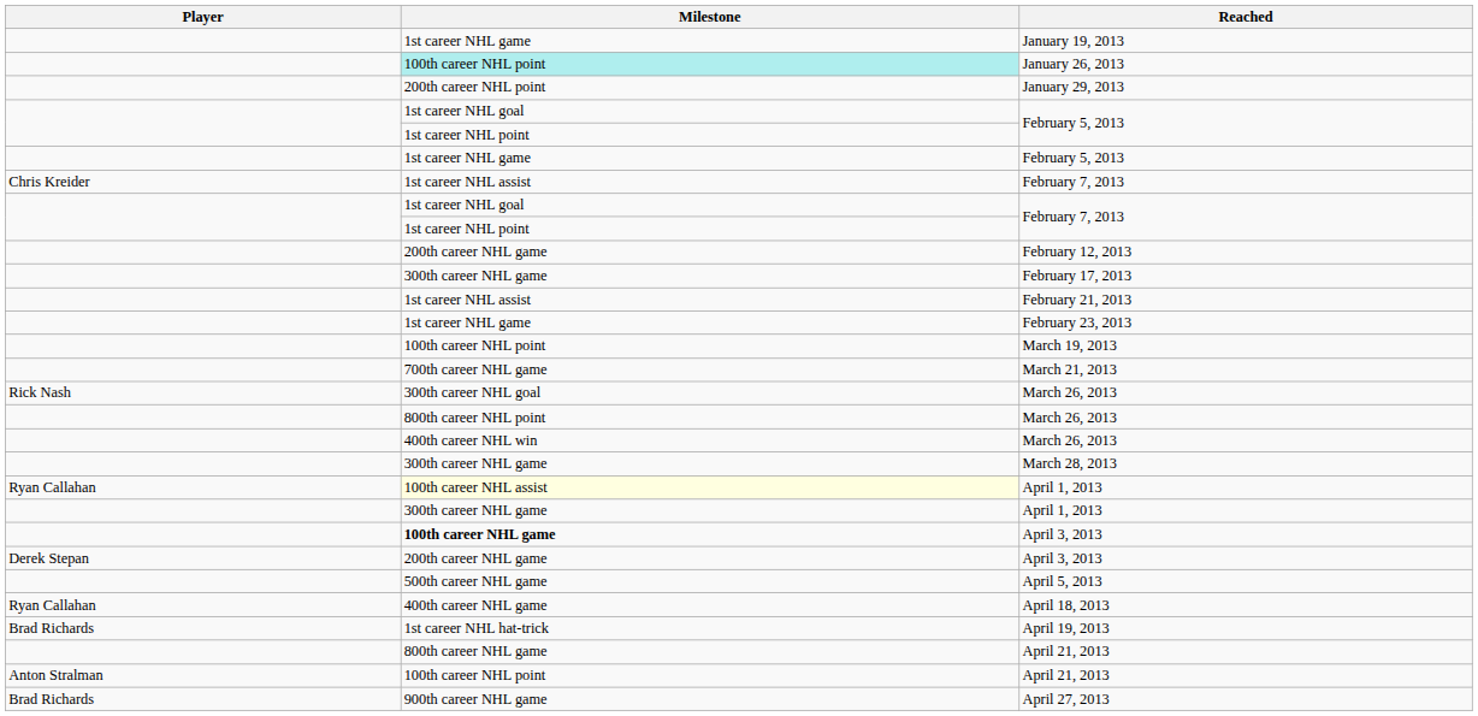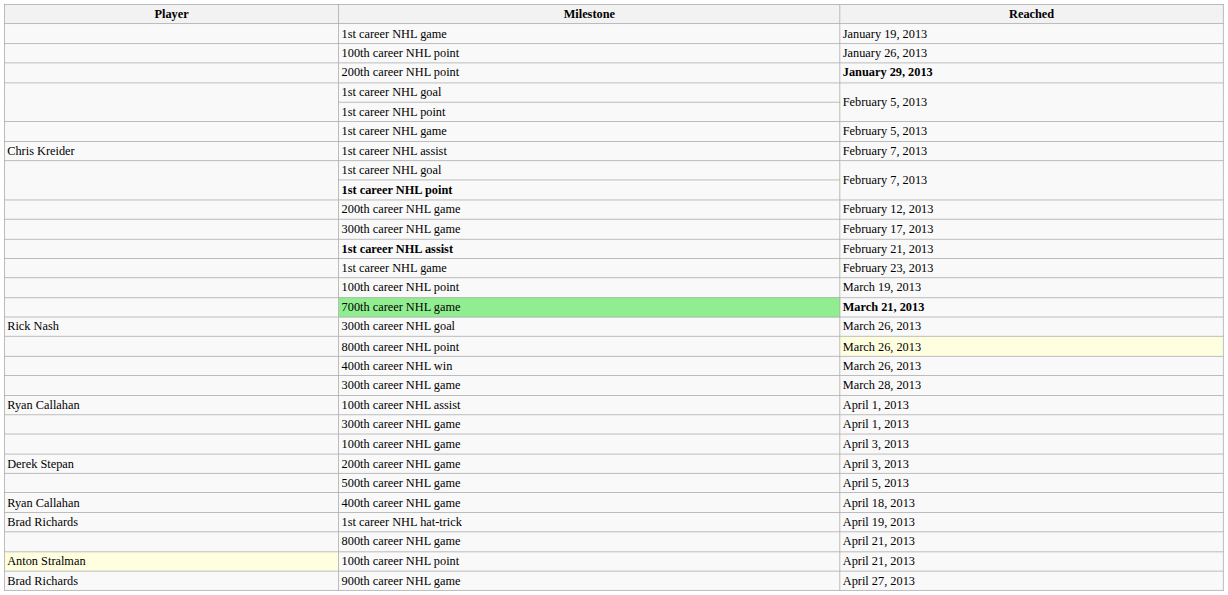 <table class="wikitable sortable" style="width:100%;">
 <tr align=center>
 <th>Player</th>
 <th>Milestone</th>
 <th>Reached</th>
 </tr>
 <tr>
 <td></td>
 <td>1st career NHL game</td>
 <td>January 19, 2013</td>
 </tr>
 <tr>
 <td></td>
-<td style="background: paleturquoise;">100th career NHL point</td>
+<td>100th career NHL point</td>
 <td>January 26, 2013</td>
 </tr>
 <tr>
 <td></td>
 <td>200th career NHL point</td>
-<td>January 29, 2013</td>
+<td><strong>January 29, 2013</strong></td>
 </tr>
 <tr>
 <td rowspan=2></td>
 <td>1st career NHL goal</td>
 <td rowspan=2>February 5, 2013</td>
 </tr>
 <tr>
 <td>1st career NHL point</td>
 </tr>
 <tr>
 <td></td>
 <td>1st career NHL game</td>
 <td>February 5, 2013</td>
 </tr>
 <tr>
 <td>Chris Kreider</td>
 <td>1st career NHL assist</td>
 <td>February 7, 2013</td>
 </tr>
 <tr>
 <td rowspan=2></td>
 <td>1st career NHL goal</td>
 <td rowspan=2>February 7, 2013</td>
 </tr>
 <tr>
-<td>1st career NHL point</td>
+<td><strong>1st career NHL point</strong></td>
 </tr>
 <tr>
 <td></td>
 <td>200th career NHL game</td>
 <td>February 12, 2013</td>
 </tr>
 <tr>
 <td></td>
 <td>300th career NHL game</td>
 <td>February 17, 2013</td>
 </tr>
 <tr>
 <td></td>
-<td>1st career NHL assist</td>
+<td><strong>1st career NHL assist</strong></td>
 <td>February 21, 2013</td>
 </tr>
 <tr>
 <td></td>
 <td>1st career NHL game</td>
 <td>February 23, 2013</td>
 </tr>
 <tr>
 <td></td>
 <td>100th career NHL point</td>
 <td>March 19, 2013</td>
 </tr>
 <tr>
 <td></td>
-<td>700th career NHL game</td>
-<td>March 21, 2013</td>
+<td style="background: lightgreen;">700th career NHL game</td>
+<td><strong>March 21, 2013</strong></td>
 </tr>
 <tr>
 <td>Rick Nash</td>
 <td>300th career NHL goal</td>
 <td>March 26, 2013</td>
 </tr>
 <tr>
 <td></td>
 <td>800th career NHL point</td>
-<td>March 26, 2013</td>
+<td style="background: lightyellow;">March 26, 2013</td>
 </tr>
 <tr>
 <td></td>
 <td>400th career NHL win</td>
 <td>March 26, 2013</td>
 </tr>
 <tr>
 <td></td>
 <td>300th career NHL game</td>
 <td>March 28, 2013</td>
 </tr>
 <tr>
 <td>Ryan Callahan</td>
-<td style="background: lightyellow;">100th career NHL assist</td>
+<td>100th career NHL assist</td>
 <td>April 1, 2013</td>
 </tr>
 <tr>
 <td></td>
 <td>300th career NHL game</td>
 <td>April 1, 2013</td>
 </tr>
 <tr>
 <td></td>
-<td><strong>100th career NHL game</strong></td>
+<td>100th career NHL game</td>
 <td>April 3, 2013</td>
 </tr>
 <tr>
 <td>Derek Stepan</td>
 <td>200th career NHL game</td>
 <td>April 3, 2013</td>
 </tr>
 <tr>
 <td></td>
 <td>500th career NHL game</td>
 <td>April 5, 2013</td>
 </tr>
 <tr>
 <td>Ryan Callahan</td>
 <td>400th career NHL game</td>
 <td>April 18, 2013</td>
 </tr>
 <tr>
 <td>Brad Richards</td>
 <td>1st career NHL hat-trick</td>
 <td>April 19, 2013</td>
 </tr>
 <tr>
 <td></td>
 <td>800th career NHL game</td>
 <td>April 21, 2013</td>
 </tr>
 <tr>
-<td>Anton Stralman</td>
+<td style="background: lightyellow;">Anton Stralman</td>
 <td>100th career NHL point</td>
 <td>April 21, 2013</td>
 </tr>
 <tr>
 <td>Brad Richards</td>
 <td>900th career NHL game</td>
 <td>April 27, 2013</td>
 </tr>
 </table>
